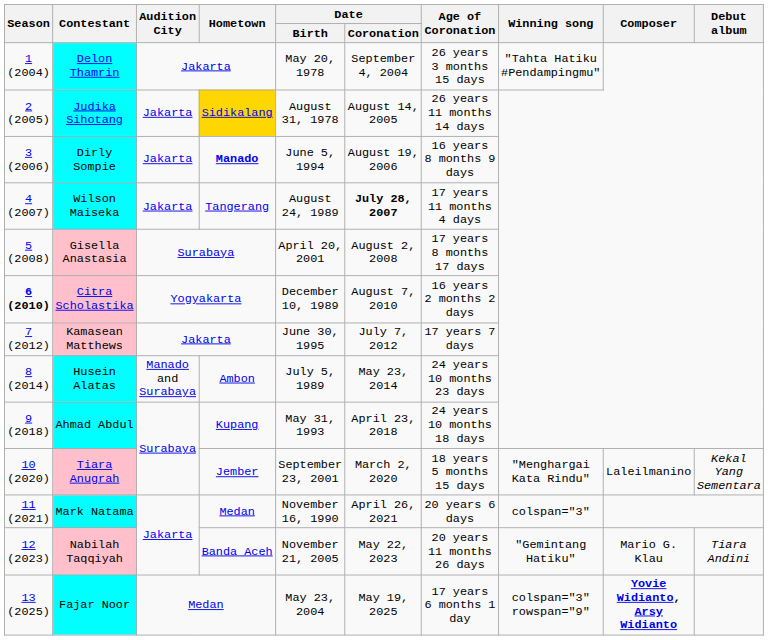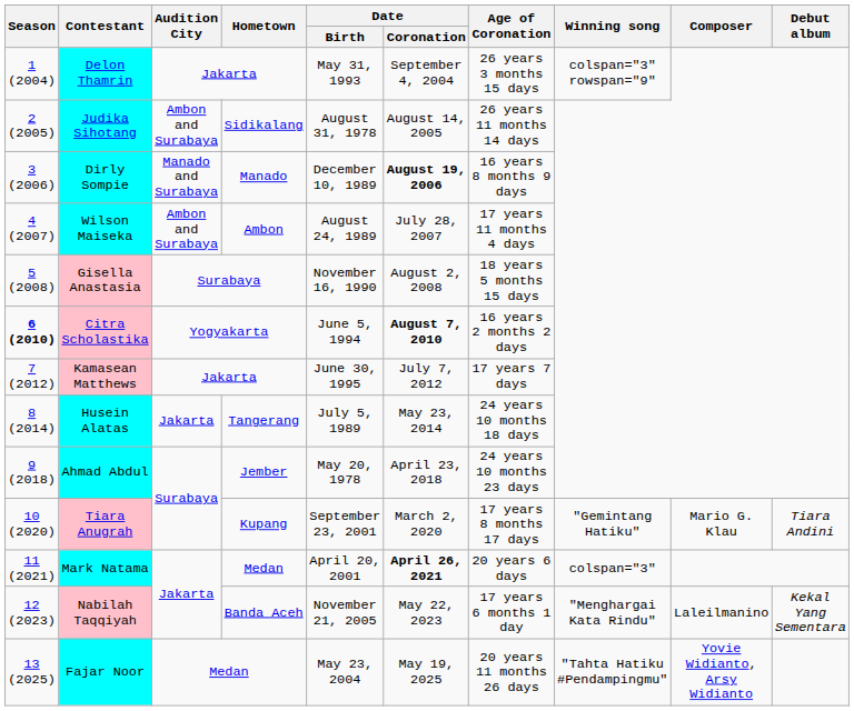 <table class="wikitable sortable" style="text-align:center;">
 <tr>
 <th rowspan="2">Season</th>
 <th class="unsortable" rowspan="2">Contestant</th>
 <th class="unsortable" rowspan="2">Audition City</th>
 <th class="unsortable" rowspan="2">Hometown</th>
 <th colspan="2">Date</th>
 <th rowspan="2">Age of<br>Coronation</th>
 <th class="unsortable" rowspan="2">Winning song</th>
 <th class="unsortable" rowspan="2">Composer</th>
 <th class="unsortable" rowspan="2">Debut album</th>
 </tr>
 <tr>
 <th>Birth</th>
 <th class="unsortable">Coronation</th>
 </tr>
 <tr>
 <td><a href='#'>1</a> (2004)</td>
 <td style="background:cyan"><a href='#'>Delon Thamrin</a></td>
 <td colspan="2"><a href='#'>Jakarta</a></td>
-<td data-sort-value="19780520">May 20, 1978</td>
+<td data-sort-value="19930531">May 31, 1993</td>
 <td>September 4, 2004</td>
 <td>26 years<br>3 months 15 days</td>
-<td>"Tahta Hatiku #Pendampingmu"<br></td>
+<td>colspan="3" rowspan="9" </td>
 </tr>
 <tr>
 <td><a href='#'>2</a> (2005)</td>
 <td style="background:cyan"><a href='#'>Judika Sihotang</a></td>
-<td><a href='#'>Jakarta</a></td>
-<td style="background: gold;"><a href='#'>Sidikalang</a></td>
+<td><a href='#'>Ambon</a> and <a href='#'>Surabaya</a></td>
+<td><a href='#'>Sidikalang</a></td>
 <td data-sort-value="19780831">August 31, 1978</td>
 <td>August 14, 2005</td>
 <td>26 years<br>11 months 14 days</td>
 </tr>
 <tr>
 <td><a href='#'>3</a> (2006)</td>
 <td style="background:cyan">Dirly Sompie</td>
-<td><a href='#'>Jakarta</a></td>
-<td><strong><a href='#'>Manado</a></strong></td>
-<td data-sort-value="19940605">June 5, 1994</td>
-<td>August 19, 2006</td>
+<td><a href='#'>Manado</a> and <a href='#'>Surabaya</a></td>
+<td><a href='#'>Manado</a></td>
+<td data-sort-value="19891210">December 10, 1989</td>
+<td><strong>August 19, 2006</strong></td>
 <td>16 years<br>8 months 9 days</td>
 </tr>
 <tr>
 <td><a href='#'>4</a> (2007)</td>
 <td style="background:cyan">Wilson Maiseka</td>
-<td><a href='#'>Jakarta</a></td>
-<td><a href='#'>Tangerang</a></td>
+<td><a href='#'>Ambon</a> and <a href='#'>Surabaya</a></td>
+<td><a href='#'>Ambon</a></td>
 <td data-sort-value="19890824">August 24, 1989</td>
-<td><strong>July 28, 2007</strong></td>
+<td>July 28, 2007</td>
 <td>17 years<br>11 months 4 days</td>
 </tr>
 <tr>
 <td><a href='#'>5</a> (2008)</td>
 <td style="background:pink">Gisella Anastasia</td>
 <td colspan="2"><a href='#'>Surabaya</a></td>
-<td data-sort-value="20010420">April 20, 2001</td>
+<td data-sort-value="19901116">November 16, 1990</td>
 <td>August 2, 2008</td>
-<td>17 years<br>8 months 17 days</td>
+<td>18 years<br>5 months 15 days</td>
 </tr>
 <tr>
 <td><strong><a href='#'>6</a> (2010)</strong></td>
 <td style="background:pink"><a href='#'>Citra Scholastika</a></td>
 <td colspan="2"><a href='#'>Yogyakarta</a></td>
-<td data-sort-value="19891210">December 10, 1989</td>
-<td>August 7, 2010</td>
+<td data-sort-value="19940605">June 5, 1994</td>
+<td><strong>August 7, 2010</strong></td>
 <td>16 years<br>2 months 2 days</td>
 </tr>
 <tr>
 <td><a href='#'>7</a> (2012)</td>
 <td style="background:pink">Kamasean Matthews</td>
 <td colspan="2"><a href='#'>Jakarta</a></td>
 <td data-sort-value="19950630">June 30, 1995</td>
 <td>July 7, 2012</td>
 <td>17 years 7 days</td>
 </tr>
 <tr>
 <td><a href='#'>8</a> (2014)</td>
 <td style="background:cyan">Husein Alatas</td>
-<td><a href='#'>Manado</a> and <a href='#'>Surabaya</a></td>
-<td><a href='#'>Ambon</a></td>
+<td><a href='#'>Jakarta</a></td>
+<td><a href='#'>Tangerang</a></td>
 <td data-sort-value="19890705">July 5, 1989</td>
 <td>May 23, 2014</td>
-<td>24 years<br>10 months 23 days</td>
+<td>24 years<br>10 months 18 days</td>
 </tr>
 <tr>
 <td><a href='#'>9</a> (2018)</td>
 <td style="background:cyan">Ahmad Abdul</td>
 <td rowspan="2"><a href='#'>Surabaya</a></td>
-<td><a href='#'>Kupang</a></td>
-<td data-sort-value="19930531">May 31, 1993</td>
+<td><a href='#'>Jember</a></td>
+<td data-sort-value="19780520">May 20, 1978</td>
 <td>April 23, 2018</td>
-<td>24 years<br>10 months 18 days</td>
+<td>24 years<br>10 months 23 days</td>
 </tr>
 <tr>
 <td><a href='#'>10</a> (2020)</td>
 <td style="background:pink"><a href='#'>Tiara Anugrah</a></td>
-<td><a href='#'>Jember</a></td>
+<td><a href='#'>Kupang</a></td>
 <td data-sort-value="20010923">September 23, 2001</td>
 <td>March 2, 2020</td>
-<td>18 years<br>5 months 15 days</td>
-<td>"Menghargai Kata Rindu"<br></td>
-<td>Laleilmanino</td>
-<td><em>Kekal Yang Sementara</em></td>
+<td>17 years<br>8 months 17 days</td>
+<td>"Gemintang Hatiku"<br></td>
+<td>Mario G. Klau</td>
+<td><em>Tiara Andini</em></td>
 </tr>
 <tr>
 <td><a href='#'>11</a> (2021)</td>
 <td style="background:cyan">Mark Natama</td>
 <td rowspan="2"><a href='#'>Jakarta</a></td>
 <td><a href='#'>Medan</a></td>
-<td data-sort-value="19901116">November 16, 1990</td>
-<td>April 26, 2021</td>
+<td data-sort-value="20010420">April 20, 2001</td>
+<td><strong>April 26, 2021</strong></td>
 <td>20 years 6 days</td>
 <td>colspan="3" </td>
 </tr>
 <tr>
 <td><a href='#'>12</a> (2023)</td>
 <td style="background:pink">Nabilah Taqqiyah</td>
 <td><a href='#'>Banda Aceh</a></td>
 <td data-sort-value="20051121">November 21, 2005</td>
 <td>May 22, 2023</td>
-<td>20 years<br>11 months 26 days</td>
-<td>"Gemintang Hatiku"<br></td>
-<td>Mario G. Klau</td>
-<td><em>Tiara Andini</em></td>
+<td>17 years<br>6 months 1 day</td>
+<td>"Menghargai Kata Rindu"<br></td>
+<td>Laleilmanino</td>
+<td><em>Kekal Yang Sementara</em></td>
 </tr>
 <tr>
 <td><a href='#'>13</a> (2025)</td>
 <td style="background:cyan">Fajar Noor</td>
 <td colspan="2"><a href='#'>Medan</a></td>
 <td data-sort-value="20040523">May 23, 2004</td>
 <td>May 19, 2025</td>
-<td>17 years<br>6 months 1 day</td>
-<td>colspan="3" rowspan="9" </td>
-<td><strong><a href='#'>Yovie Widianto</a>, <a href='#'>Arsy Widianto</a></strong></td>
+<td>20 years<br>11 months 26 days</td>
+<td>"Tahta Hatiku #Pendampingmu"<br></td>
+<td><a href='#'>Yovie Widianto</a>, <a href='#'>Arsy Widianto</a></td>
 <td></td>
 </tr>
 </table>
